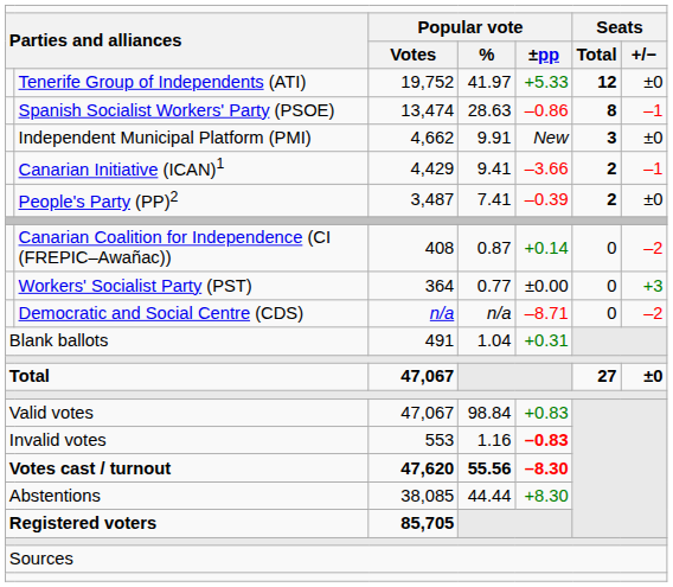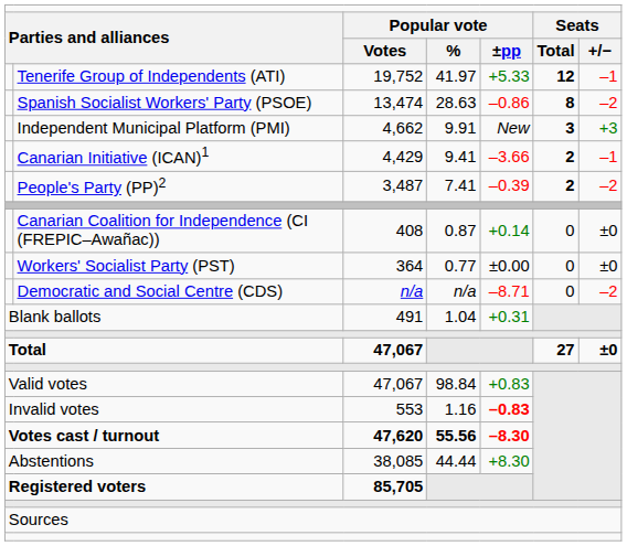 <table class="wikitable" style="text-align:right;">
 <tr>
 <td colspan="7"></td>
 </tr>
 <tr>
 <th style="text-align:left;" rowspan="2" colspan="2" width="525">Parties and alliances</th>
 <th colspan="3">Popular vote</th>
 <th colspan="2">Seats</th>
 </tr>
 <tr>
 <th width="75">Votes</th>
 <th width="45">%</th>
 <th width="45">±<a href='#'>pp</a></th>
 <th width="35">Total</th>
 <th width="35">+/−</th>
 </tr>
 <tr>
 <td width="1" style="color:inherit;background:"></td>
 <td align="left"><a href='#'>Tenerife Group of Independents</a> (ATI)</td>
 <td>19,752</td>
 <td>41.97</td>
 <td style="color:green;">+5.33</td>
 <td><strong>12</strong></td>
-<td>±0</td>
+<td style="color:red;">–1</td>
 </tr>
 <tr>
 <td style="color:inherit;background:"></td>
 <td align="left"><a href='#'>Spanish Socialist Workers' Party</a> (PSOE)</td>
 <td>13,474</td>
 <td>28.63</td>
 <td style="color:red;">–0.86</td>
 <td><strong>8</strong></td>
-<td style="color:red;">–1</td>
+<td style="color:red;">–2</td>
 </tr>
 <tr>
 <td style="color:inherit;background:"></td>
 <td align="left">Independent Municipal Platform (PMI)</td>
 <td>4,662</td>
 <td>9.91</td>
 <td><em>New</em></td>
 <td><strong>3</strong></td>
-<td>±0</td>
+<td style="color:green;">+3</td>
 </tr>
 <tr>
 <td style="color:inherit;background:"></td>
 <td align="left"><a href='#'>Canarian Initiative</a> (ICAN)<sup>1</sup></td>
 <td>4,429</td>
 <td>9.41</td>
 <td style="color:red;">–3.66</td>
 <td><strong>2</strong></td>
 <td style="color:red;">–1</td>
 </tr>
 <tr>
 <td style="color:inherit;background:"></td>
 <td align="left"><a href='#'>People's Party</a> (PP)<sup>2</sup></td>
 <td>3,487</td>
 <td>7.41</td>
 <td style="color:red;">–0.39</td>
 <td><strong>2</strong></td>
-<td>±0</td>
+<td style="color:red;">–2</td>
 </tr>
 <tr>
 <td colspan="7" bgcolor="#C0C0C0"></td>
 </tr>
 <tr>
 <td style="color:inherit;background:"></td>
 <td align="left"><a href='#'>Canarian Coalition for Independence</a> (CI (FREPIC–Awañac))</td>
 <td>408</td>
 <td>0.87</td>
 <td style="color:green;">+0.14</td>
 <td>0</td>
-<td style="color:red;">–2</td>
+<td>±0</td>
 </tr>
 <tr>
 <td style="color:inherit;background:"></td>
 <td align="left"><a href='#'>Workers' Socialist Party</a> (PST)</td>
 <td>364</td>
 <td>0.77</td>
 <td>±0.00</td>
 <td>0</td>
-<td style="color:green;">+3</td>
+<td>±0</td>
 </tr>
 <tr>
 <td style="color:inherit;background:"></td>
 <td align="left"><a href='#'>Democratic and Social Centre</a> (CDS)</td>
 <td><em><a href='#'>n/a</a></em></td>
 <td><em>n/a</em></td>
 <td style="color:red;">–8.71</td>
 <td>0</td>
 <td style="color:red;">–2</td>
 </tr>
 <tr>
 <td align="left" colspan="2">Blank ballots</td>
 <td>491</td>
 <td>1.04</td>
 <td style="color:green;">+0.31</td>
 <td bgcolor="#E9E9E9" colspan="2"></td>
 </tr>
 <tr>
 <td colspan="7" bgcolor="#E9E9E9"></td>
 </tr>
 <tr style="font-weight:bold;">
 <td align="left" colspan="2">Total</td>
 <td>47,067</td>
 <td bgcolor="#E9E9E9" colspan="2"></td>
 <td>27</td>
 <td>±0</td>
 </tr>
 <tr>
 <td colspan="7" bgcolor="#E9E9E9"></td>
 </tr>
 <tr>
 <td align="left" colspan="2">Valid votes</td>
 <td>47,067</td>
 <td>98.84</td>
 <td style="color:green;">+0.83</td>
 <td bgcolor="#E9E9E9" colspan="2" rowspan="5"></td>
 </tr>
 <tr>
 <td align="left" colspan="2">Invalid votes</td>
 <td>553</td>
 <td>1.16</td>
 <td style="color:red;"><strong>–0.83</strong></td>
 </tr>
 <tr style="font-weight:bold;">
 <td align="left" colspan="2">Votes cast / turnout</td>
 <td>47,620</td>
 <td>55.56</td>
 <td style="color:red;">–8.30</td>
 </tr>
 <tr>
 <td align="left" colspan="2">Abstentions</td>
 <td>38,085</td>
 <td>44.44</td>
 <td style="color:green;">+8.30</td>
 </tr>
 <tr style="font-weight:bold;">
 <td align="left" colspan="2">Registered voters</td>
 <td>85,705</td>
 <td bgcolor="#E9E9E9" colspan="2"></td>
 </tr>
 <tr>
 <td colspan="7" bgcolor="#E9E9E9"></td>
 </tr>
 <tr>
 <td align="left" colspan="7">Sources</td>
 </tr>
 <tr>
 <td colspan="7" style="text-align:left; max-width:790px;"></td>
 </tr>
 </table>
